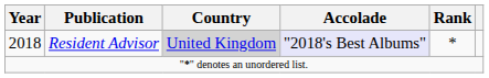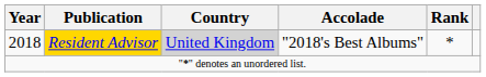 <table class="wikitable sortable" style="margin:0em 1em 1em 0pt">
 <tr>
 <th>Year</th>
 <th>Publication</th>
 <th>Country</th>
 <th class=unsortable>Accolade</th>
 <th class=unsortable>Rank</th>
 <th class=unsortable></th>
 </tr>
 <tr>
 <td>2018</td>
-<td><em><a href='#'>Resident Advisor</a></em></td>
+<td style="background: gold;"><em><a href='#'>Resident Advisor</a></em></td>
 <td style="background: lightgrey;"><a href='#'>United Kingdom</a></td>
-<td style="background: lavender;">"2018's Best Albums"</td>
+<td>"2018's Best Albums"</td>
 <td align=center>*</td>
 <td align=center></td>
 </tr>
 <tr class="sortbottom">
 <td colspan="6" style=font-size:8pt; align=center>"<strong>*</strong>" denotes an unordered list.</td>
 </tr>
 </table>
